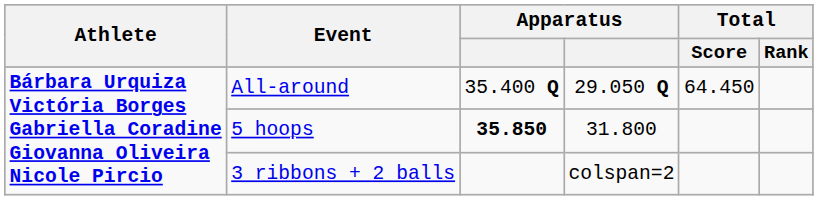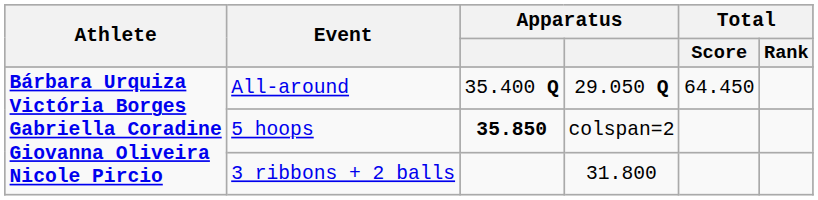 <table class=wikitable style=font-size:90%;text-align:center>
 <tr>
 <th rowspan=2>Athlete</th>
 <th rowspan=2>Event</th>
 <th colspan=2>Apparatus</th>
 <th colspan=2>Total</th>
 </tr>
 <tr style=font-size:95%>
 <th></th>
 <th> </th>
 <th>Score</th>
 <th>Rank</th>
 </tr>
 <tr>
 <td align=left rowspan=3><strong><a href='#'>Bárbara Urquiza</a><br><a href='#'>Victória Borges</a><br><a href='#'>Gabriella Coradine</a><br><a href='#'>Giovanna Oliveira</a><br><a href='#'>Nicole Pircio</a></strong></td>
 <td align=left><a href='#'>All-around</a></td>
 <td>35.400 <strong>Q</strong></td>
 <td>29.050 <strong>Q</strong></td>
 <td>64.450</td>
 <td></td>
 </tr>
 <tr>
 <td align=left><a href='#'>5 hoops</a></td>
 <td><strong>35.850</strong></td>
-<td>31.800</td>
+<td>colspan=2 </td>
 <td></td>
 </tr>
 <tr>
 <td align=left><a href='#'>3 ribbons + 2 balls</a></td>
 <td></td>
-<td>colspan=2 </td>
+<td>31.800</td>
 <td></td>
 <td></td>
 </tr>
 </table>
